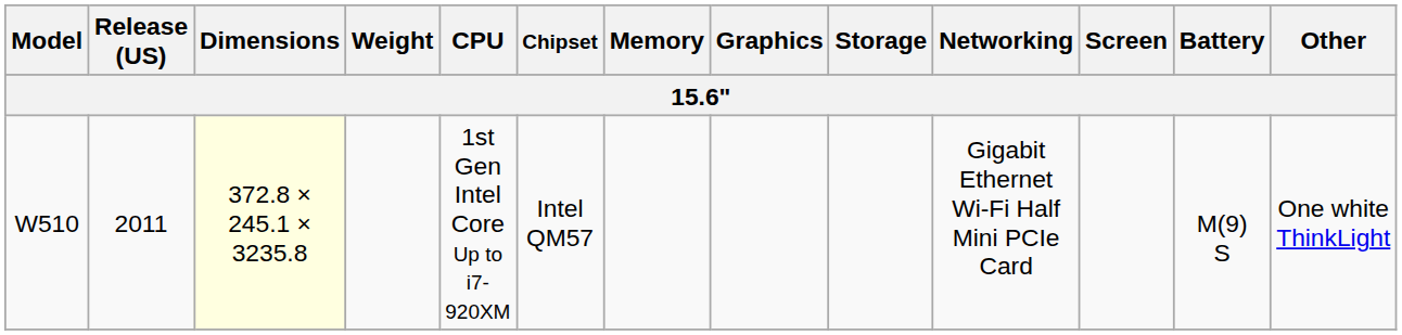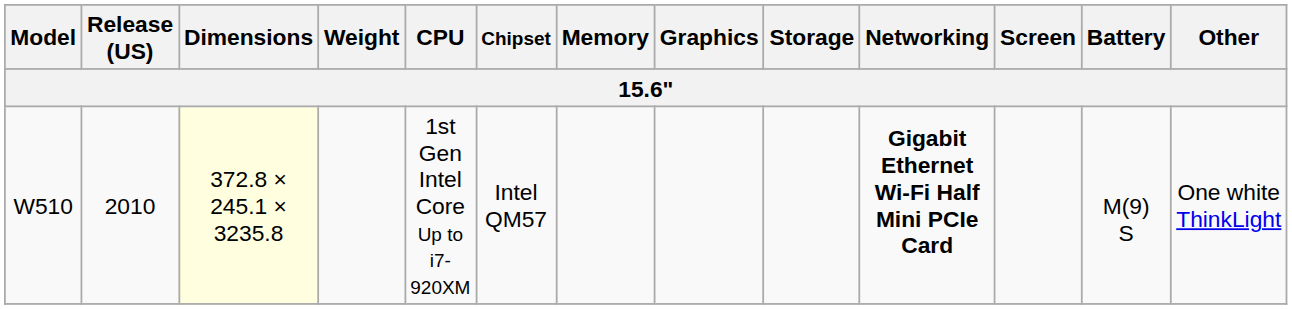 <table class="wikitable" style="font-size: 80%; text-align: center; min-width: 80%;">
 <tr>
 <th>Model</th>
 <th>Release (US)</th>
 <th>Dimensions</th>
 <th>Weight</th>
 <th style="width:17%">CPU</th>
 <th><small>Chipset</small></th>
 <th>Memory</th>
 <th>Graphics</th>
 <th>Storage</th>
 <th>Networking</th>
 <th>Screen</th>
 <th>Battery</th>
 <th>Other</th>
 </tr>
 <tr>
 <th colspan=13>15.6"</th>
 </tr>
 <tr>
 <td>W510</td>
-<td>2011</td>
+<td>2010</td>
 <td style="background: lightyellow;">372.8 × 245.1 × 3235.8</td>
 <td></td>
 <td style="background:">1st Gen Intel Core<br> <small>Up to i7-920XM</small></td>
 <td>Intel QM57</td>
 <td></td>
 <td></td>
 <td></td>
-<td>Gigabit Ethernet<br>Wi-Fi Half Mini PCIe Card<br><small><br></small></td>
+<td><strong>Gigabit Ethernet<br>Wi-Fi Half Mini PCIe Card<br><small><br></small></strong></td>
 <td></td>
 <td style="background:"><br>M(9)<br>S</td>
 <td>One white <a href='#'>ThinkLight</a></td>
 </tr>
 </table>
